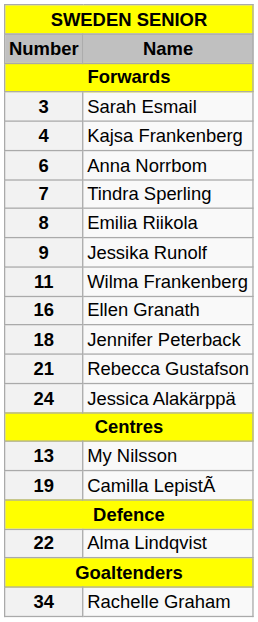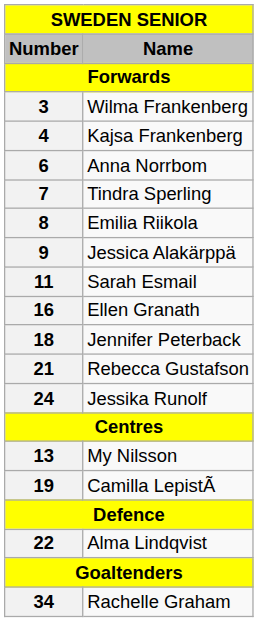 <table class="wikitable" style="text-align:left; font-size:90%;">
 <tr>
 <th style=background:Yellow colspan=3>SWEDEN SENIOR</th>
 </tr>
 <tr>
 <th style="background:silver;">Number</th>
 <th style="background:silver;">Name</th>
 </tr>
 <tr>
 <th style=background:Yellow colspan=3>Forwards</th>
 </tr>
 <tr>
 <th>3</th>
-<td>Sarah Esmail </td>
+<td>Wilma Frankenberg</td>
 </tr>
 <tr>
 <th>4</th>
 <td>Kajsa Frankenberg</td>
 </tr>
 <tr>
 <th>6</th>
 <td>Anna Norrbom</td>
 </tr>
 <tr>
 <th>7</th>
 <td>Tindra Sperling</td>
 </tr>
 <tr>
 <th>8</th>
 <td>Emilia Riikola</td>
 </tr>
 <tr>
 <th>9</th>
-<td>Jessika Runolf</td>
+<td>Jessica Alakärppä </td>
 </tr>
 <tr>
 <th>11</th>
-<td>Wilma Frankenberg</td>
+<td>Sarah Esmail </td>
 </tr>
 <tr>
 <th>16</th>
 <td>Ellen Granath</td>
 </tr>
 <tr>
 <th>18</th>
 <td>Jennifer Peterback</td>
 </tr>
 <tr>
 <th>21</th>
 <td>Rebecca Gustafson</td>
 </tr>
 <tr>
 <th>24</th>
-<td>Jessica Alakärppä </td>
+<td>Jessika Runolf</td>
 </tr>
 <tr>
 <th style=background:Yellow colspan=3>Centres</th>
 </tr>
 <tr>
 <th>13</th>
 <td>My Nilsson</td>
 </tr>
 <tr>
 <th>19</th>
 <td>Camilla LepistÃ</td>
 </tr>
 <tr>
 <th style=background:Yellow colspan=3>Defence</th>
 </tr>
 <tr>
 <th>22</th>
 <td>Alma Lindqvist</td>
 </tr>
 <tr>
 <th style=background:Yellow colspan=3>Goaltenders</th>
 </tr>
 <tr>
 <th>34</th>
 <td>Rachelle Graham</td>
 </tr>
 </table>
